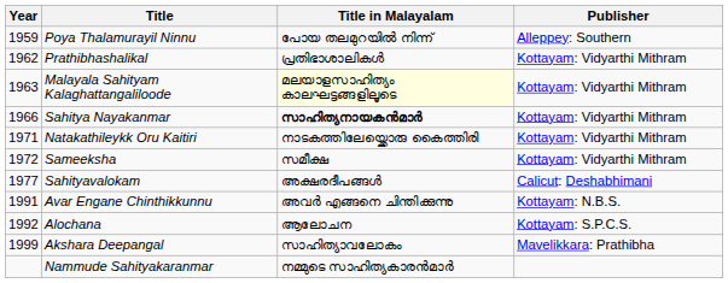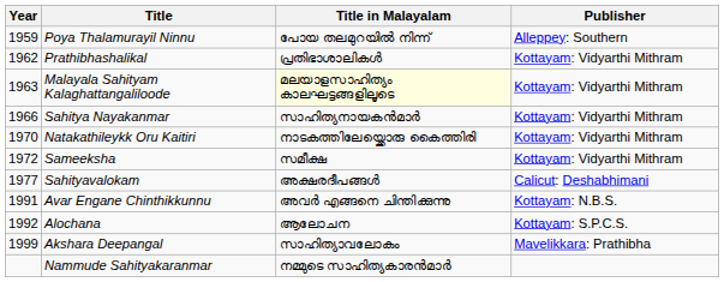 <table class="wikitable">
 <tr>
 <th>Year</th>
 <th ! style=width:17em>Title</th>
 <th ! style=width:17em>Title in Malayalam</th>
 <th ! style=width:15em>Publisher</th>
 </tr>
 <tr>
 <td>1959</td>
 <td><em>Poya Thalamurayil Ninnu</em></td>
 <td>പോയ തലമുറയിൽ നിന്ന്‌</td>
 <td><a href='#'>Alleppey</a>: Southern</td>
 </tr>
 <tr>
 <td>1962</td>
 <td><em>Prathibhashalikal</em></td>
 <td>പ്രതിഭാശാലികൾ</td>
 <td><a href='#'>Kottayam</a>: Vidyarthi Mithram</td>
 </tr>
 <tr>
 <td>1963</td>
 <td><em>Malayala Sahityam Kalaghattangaliloode</em></td>
 <td style="background: lightyellow;">മലയാളസാഹിത്യം കാലഘട്ടങ്ങളിലൂടെ</td>
 <td><a href='#'>Kottayam</a>: Vidyarthi Mithram</td>
 </tr>
 <tr>
 <td>1966</td>
 <td><em>Sahitya Nayakanmar</em></td>
-<td><strong>സാഹിത്യനായകന്‍മാര്‍</strong></td>
+<td>സാഹിത്യനായകന്‍മാര്‍</td>
 <td><a href='#'>Kottayam</a>: Vidyarthi Mithram</td>
 </tr>
 <tr>
-<td>1971</td>
+<td>1970</td>
 <td><em>Natakathileykk Oru Kaitiri</em></td>
 <td>നാടകത്തിലേയ്ക്കൊരു കൈത്തിരി</td>
 <td><a href='#'>Kottayam</a>: Vidyarthi Mithram</td>
 </tr>
 <tr>
 <td>1972</td>
 <td><em>Sameeksha</em></td>
 <td>സമീക്ഷ</td>
 <td><a href='#'>Kottayam</a>: Vidyarthi Mithram</td>
 </tr>
 <tr>
 <td>1977</td>
 <td><em>Sahityavalokam</em></td>
 <td>അക്ഷരദീപങ്ങൾ</td>
 <td><a href='#'>Calicut</a>: <a href='#'>Deshabhimani</a></td>
 </tr>
 <tr>
 <td>1991</td>
 <td><em>Avar Engane Chinthikkunnu</em></td>
 <td>അവർ എങ്ങനെ ചിന്തിക്കുന്നു</td>
 <td><a href='#'>Kottayam</a>: N.B.S.</td>
 </tr>
 <tr>
 <td>1992</td>
 <td><em>Alochana</em></td>
 <td>ആലോചന</td>
 <td><a href='#'>Kottayam</a>: S.P.C.S.</td>
 </tr>
 <tr>
 <td>1999</td>
 <td><em>Akshara Deepangal</em></td>
 <td>സാഹിത്യാവലോകം</td>
 <td><a href='#'>Mavelikkara</a>: Prathibha</td>
 </tr>
 <tr>
 <td></td>
 <td><em>Nammude Sahityakaranmar</em></td>
 <td>നമ്മുടെ സാഹിത്യകാരൻമാർ</td>
 <td></td>
 </tr>
 </table>
